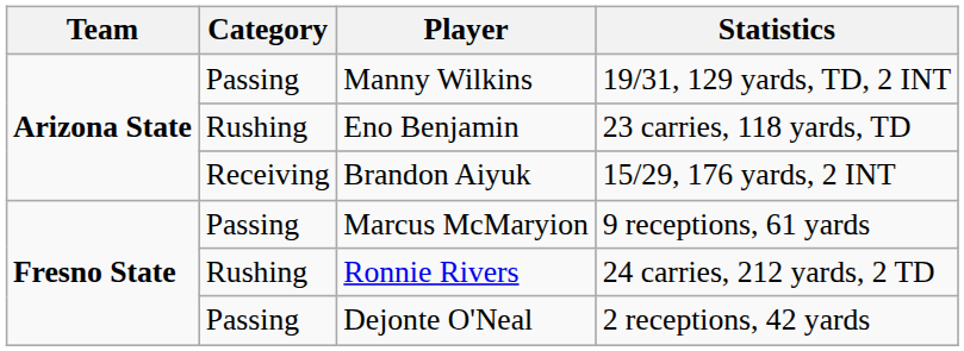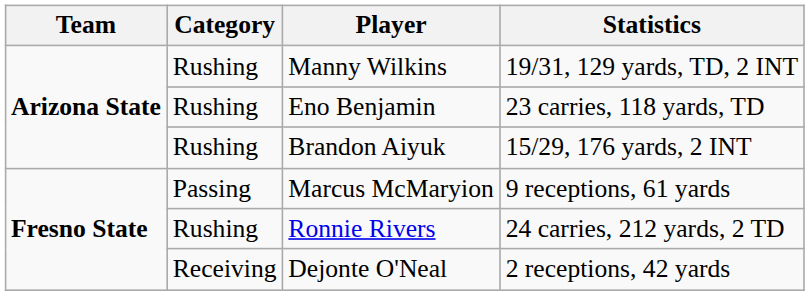 <table class="wikitable" style="float: right;">
 <tr>
 <th>Team</th>
 <th>Category</th>
 <th>Player</th>
 <th>Statistics</th>
 </tr>
 <tr>
 <td rowspan=3><strong>Arizona State</strong></td>
-<td>Passing</td>
+<td>Rushing</td>
 <td>Manny Wilkins</td>
 <td>19/31, 129 yards, TD, 2 INT</td>
 </tr>
 <tr>
 <td>Rushing</td>
 <td>Eno Benjamin</td>
 <td>23 carries, 118 yards, TD</td>
 </tr>
 <tr>
-<td>Receiving</td>
+<td>Rushing</td>
 <td>Brandon Aiyuk</td>
 <td>15/29, 176 yards, 2 INT</td>
 </tr>
 <tr>
 <td rowspan=3><strong>Fresno State</strong></td>
 <td>Passing</td>
 <td>Marcus McMaryion</td>
 <td>9 receptions, 61 yards</td>
 </tr>
 <tr>
 <td>Rushing</td>
 <td><a href='#'>Ronnie Rivers</a></td>
 <td>24 carries, 212 yards, 2 TD</td>
 </tr>
 <tr>
-<td>Passing</td>
+<td>Receiving</td>
 <td>Dejonte O'Neal</td>
 <td>2 receptions, 42 yards</td>
 </tr>
 </table>
